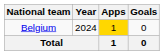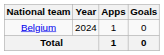 <table class="wikitable" style="text-align:center">
 <tr>
 <th>National team</th>
 <th>Year</th>
 <th>Apps</th>
 <th>Goals</th>
 </tr>
 <tr>
 <td><a href='#'>Belgium</a></td>
 <td>2024</td>
-<td style="background: gold;">1</td>
+<td>1</td>
 <td>0</td>
 </tr>
 <tr>
 <th colspan="2">Total</th>
 <th>1</th>
 <th>0</th>
 </tr>
 </table>
